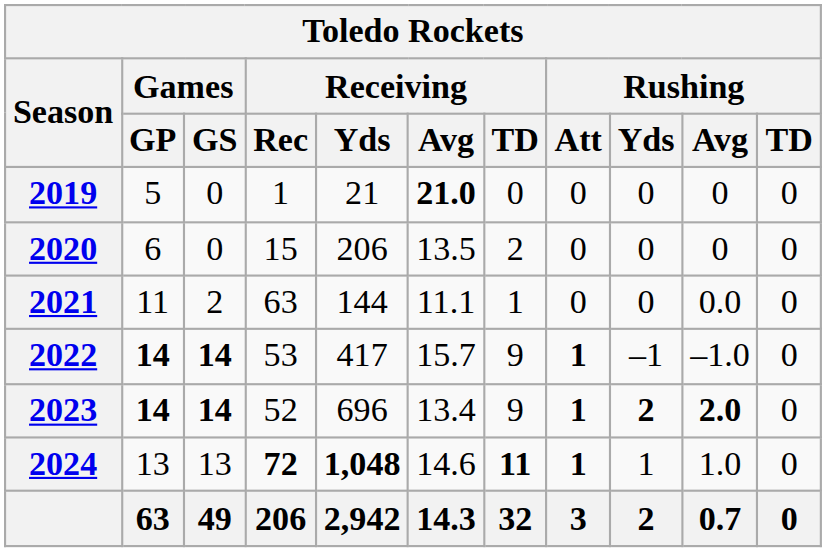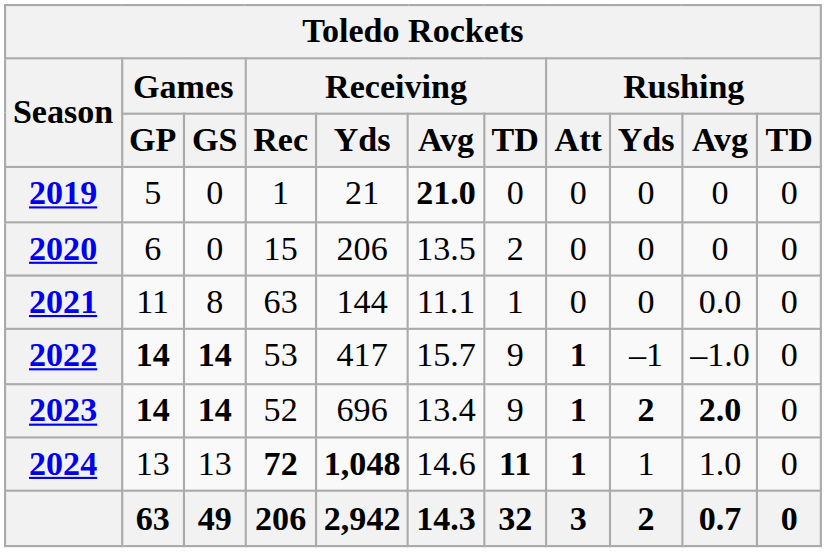 <table class="wikitable" style="text-align:center;">
 <tr>
 <th colspan="11">Toledo Rockets</th>
 </tr>
 <tr>
 <th rowspan="2">Season</th>
 <th colspan="2">Games</th>
 <th colspan="4">Receiving</th>
 <th colspan="4">Rushing</th>
 </tr>
 <tr>
 <th>GP</th>
 <th>GS</th>
 <th>Rec</th>
 <th>Yds</th>
 <th>Avg</th>
 <th>TD</th>
 <th>Att</th>
 <th>Yds</th>
 <th>Avg</th>
 <th>TD</th>
 </tr>
 <tr>
 <th><a href='#'>2019</a></th>
 <td>5</td>
 <td>0</td>
 <td>1</td>
 <td>21</td>
 <td><strong>21.0</strong></td>
 <td>0</td>
 <td>0</td>
 <td>0</td>
 <td>0</td>
 <td>0</td>
 </tr>
 <tr>
 <th><a href='#'>2020</a></th>
 <td>6</td>
 <td>0</td>
 <td>15</td>
 <td>206</td>
 <td>13.5</td>
 <td>2</td>
 <td>0</td>
 <td>0</td>
 <td>0</td>
 <td>0</td>
 </tr>
 <tr>
 <th><a href='#'>2021</a></th>
 <td>11</td>
-<td>2</td>
+<td>8</td>
 <td>63</td>
 <td>144</td>
 <td>11.1</td>
 <td>1</td>
 <td>0</td>
 <td>0</td>
 <td>0.0</td>
 <td>0</td>
 </tr>
 <tr>
 <th><a href='#'>2022</a></th>
 <td><strong>14</strong></td>
 <td><strong>14</strong></td>
 <td>53</td>
 <td>417</td>
 <td>15.7</td>
 <td>9</td>
 <td><strong>1</strong></td>
 <td>–1</td>
 <td>–1.0</td>
 <td>0</td>
 </tr>
 <tr>
 <th><a href='#'>2023</a></th>
 <td><strong>14</strong></td>
 <td><strong>14</strong></td>
 <td>52</td>
 <td>696</td>
 <td>13.4</td>
 <td>9</td>
 <td><strong>1</strong></td>
 <td><strong>2</strong></td>
 <td><strong>2.0</strong></td>
 <td>0</td>
 </tr>
 <tr>
 <th><a href='#'>2024</a></th>
 <td>13</td>
 <td>13</td>
 <td><strong>72</strong></td>
 <td><strong>1,048</strong></td>
 <td>14.6</td>
 <td><strong>11</strong></td>
 <td><strong>1</strong></td>
 <td>1</td>
 <td>1.0</td>
 <td>0</td>
 </tr>
 <tr>
 <th></th>
 <th>63</th>
 <th>49</th>
 <th>206</th>
 <th>2,942</th>
 <th>14.3</th>
 <th>32</th>
 <th>3</th>
 <th>2</th>
 <th>0.7</th>
 <th>0</th>
 </tr>
 </table>
